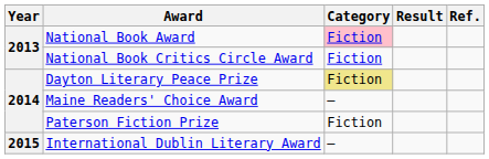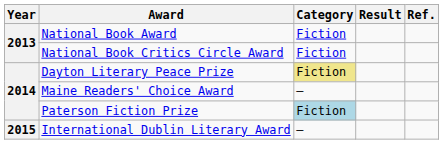 <table class="wikitable sortable">
 <tr>
 <th>Year</th>
 <th>Award</th>
 <th>Category</th>
 <th>Result</th>
 <th>Ref.</th>
 </tr>
 <tr>
 <th rowspan=2>2013</th>
 <td><a href='#'>National Book Award</a></td>
-<td style="background: pink;"><a href='#'>Fiction</a></td>
+<td><a href='#'>Fiction</a></td>
 <td></td>
 <td></td>
 </tr>
 <tr>
 <td><a href='#'>National Book Critics Circle Award</a></td>
 <td><a href='#'>Fiction</a></td>
 <td></td>
 <td></td>
 </tr>
 <tr>
 <th rowspan=3>2014</th>
 <td><a href='#'>Dayton Literary Peace Prize</a></td>
 <td style="background: khaki;">Fiction</td>
 <td></td>
 <td></td>
 </tr>
 <tr>
 <td><a href='#'>Maine Readers' Choice Award</a></td>
 <td>—</td>
 <td></td>
 <td></td>
 </tr>
 <tr>
 <td><a href='#'>Paterson Fiction Prize</a></td>
-<td>Fiction</td>
+<td style="background: lightblue;">Fiction</td>
 <td></td>
 <td></td>
 </tr>
 <tr>
 <th rowspan=1>2015</th>
 <td><a href='#'>International Dublin Literary Award</a></td>
 <td>—</td>
 <td></td>
 <td></td>
 </tr>
 </table>
